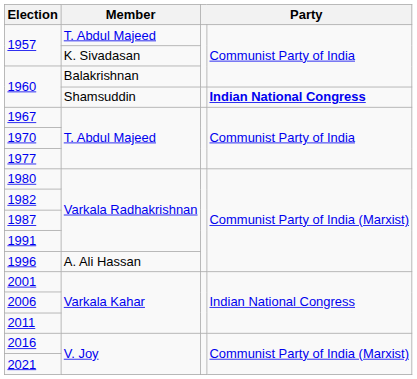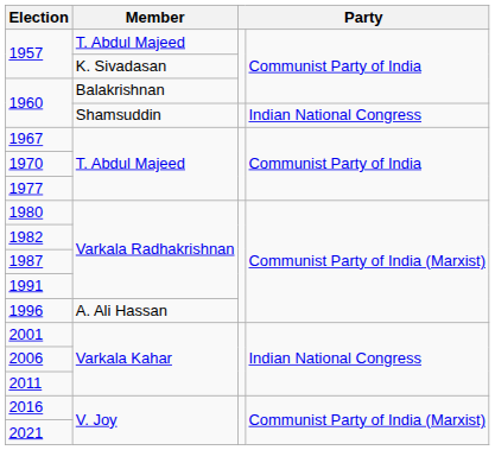 <table class="wikitable sortable">
 <tr>
 <th>Election</th>
 <th>Member</th>
 <th colspan="2">Party</th>
 </tr>
 <tr>
 <td rowspan="2"><a href='#'>1957</a></td>
 <td><a href='#'>T. Abdul Majeed</a></td>
 <td rowspan="3" style="background-color: "></td>
 <td rowspan="3"><a href='#'>Communist Party of India</a></td>
 </tr>
 <tr>
 <td>K. Sivadasan</td>
 </tr>
 <tr>
 <td rowspan="2"><a href='#'>1960</a></td>
 <td>Balakrishnan</td>
 </tr>
 <tr>
 <td>Shamsuddin</td>
 <td style="background-color: "></td>
-<td><strong><a href='#'>Indian National Congress</a></strong></td>
+<td><a href='#'>Indian National Congress</a></td>
 </tr>
 <tr>
 <td><a href='#'>1967</a></td>
 <td rowspan="3"><a href='#'>T. Abdul Majeed</a></td>
 <td rowspan="3" style="background-color: "></td>
 <td rowspan="3"><a href='#'>Communist Party of India</a></td>
 </tr>
 <tr>
 <td><a href='#'>1970</a></td>
 </tr>
 <tr>
 <td><a href='#'>1977</a></td>
 </tr>
 <tr>
 <td><a href='#'>1980</a></td>
 <td rowspan="4"><a href='#'>Varkala Radhakrishnan</a></td>
 <td rowspan="5" style="background-color: "></td>
 <td rowspan="5"><a href='#'>Communist Party of India (Marxist)</a></td>
 </tr>
 <tr>
 <td><a href='#'>1982</a></td>
 </tr>
 <tr>
 <td><a href='#'>1987</a></td>
 </tr>
 <tr>
 <td><a href='#'>1991</a></td>
 </tr>
 <tr>
 <td><a href='#'>1996</a></td>
 <td>A. Ali Hassan</td>
 </tr>
 <tr>
 <td><a href='#'>2001</a></td>
 <td rowspan="3"><a href='#'>Varkala Kahar</a></td>
 <td rowspan="3" style="background-color: "></td>
 <td rowspan="3"><a href='#'>Indian National Congress</a></td>
 </tr>
 <tr>
 <td><a href='#'>2006</a></td>
 </tr>
 <tr>
 <td><a href='#'>2011</a></td>
 </tr>
 <tr>
 <td><a href='#'>2016</a></td>
 <td rowspan="2"><a href='#'>V. Joy</a></td>
 <td rowspan="2" style="background-color: "></td>
 <td rowspan="2"><a href='#'>Communist Party of India (Marxist)</a></td>
 </tr>
 <tr>
 <td><a href='#'>2021</a></td>
 </tr>
 </table>
